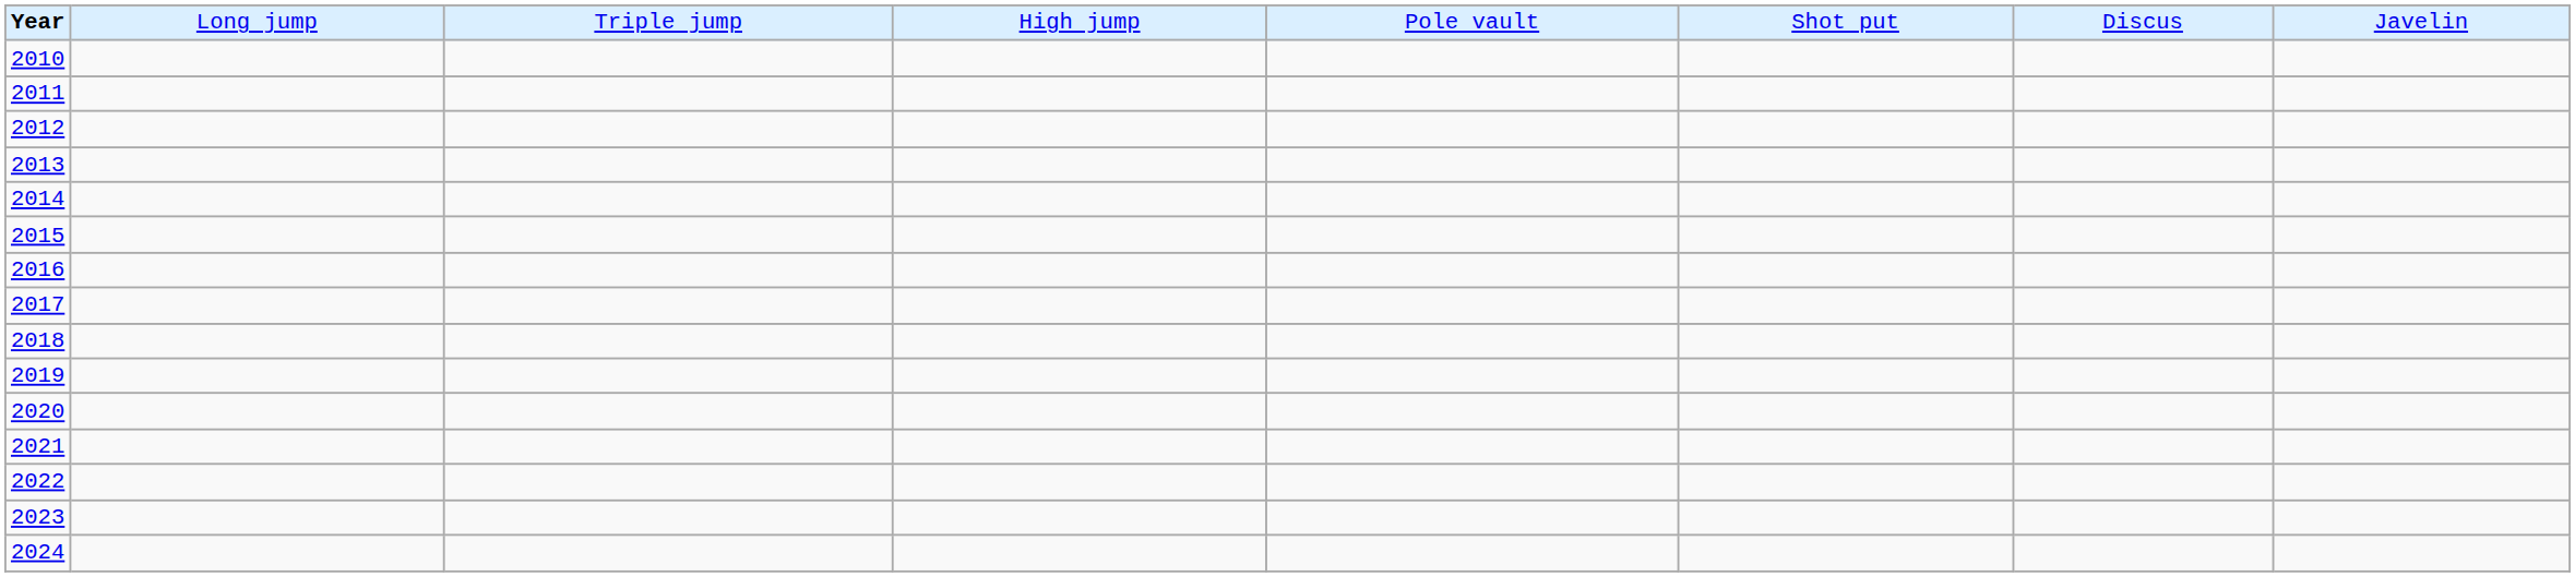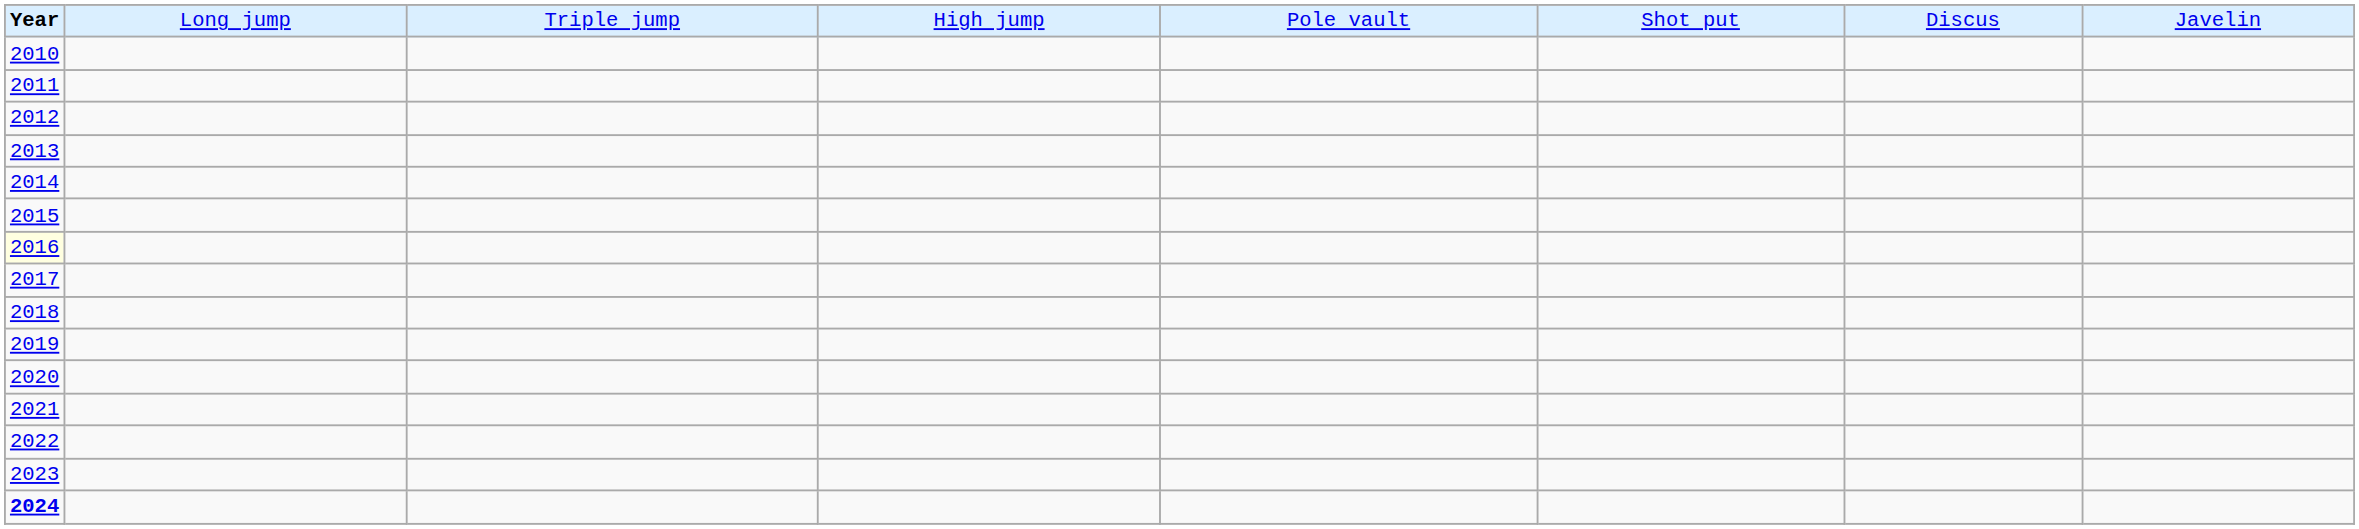 <table class="wikitable" style="font-size:85%; text-align:center;" width="100%">
 <tr style="text-align:center;background-color:#DAEFFF">
 <td width=25px><strong>Year</strong></td>
 <td><a href='#'>Long jump</a></td>
 <td><a href='#'>Triple jump</a></td>
 <td><a href='#'>High jump</a></td>
 <td><a href='#'>Pole vault</a></td>
 <td><a href='#'>Shot put</a></td>
 <td><a href='#'>Discus</a></td>
 <td><a href='#'>Javelin</a></td>
 </tr>
 <tr>
 <td><a href='#'>2010</a></td>
 <td> </td>
 <td></td>
 <td> </td>
 <td> </td>
 <td> </td>
 <td> </td>
 <td> </td>
 </tr>
 <tr>
 <td><a href='#'>2011</a></td>
 <td> </td>
 <td></td>
 <td> </td>
 <td> </td>
 <td> </td>
 <td> </td>
 <td> </td>
 </tr>
 <tr>
 <td><a href='#'>2012</a></td>
 <td></td>
 <td> </td>
 <td></td>
 <td> </td>
 <td> </td>
 <td> </td>
 <td> </td>
 </tr>
 <tr>
 <td><a href='#'>2013</a></td>
 <td></td>
 <td> </td>
 <td></td>
 <td> </td>
 <td> </td>
 <td> </td>
 <td> </td>
 </tr>
 <tr>
 <td><a href='#'>2014</a></td>
 <td> </td>
 <td> </td>
 <td> </td>
 <td> </td>
 <td> </td>
 <td> </td>
 <td> </td>
 </tr>
 <tr>
 <td><a href='#'>2015</a></td>
 <td> </td>
 <td> </td>
 <td> </td>
 <td></td>
 <td></td>
 <td> </td>
 <td> </td>
 </tr>
 <tr>
-<td><a href='#'>2016</a></td>
+<td style="background: lightyellow;"><a href='#'>2016</a></td>
 <td> </td>
 <td> </td>
 <td> </td>
 <td> </td>
 <td> </td>
 <td> </td>
 <td></td>
 </tr>
 <tr>
 <td><a href='#'>2017</a></td>
 <td> </td>
 <td> </td>
 <td> </td>
 <td> </td>
 <td> </td>
 <td> </td>
 <td> </td>
 </tr>
 <tr>
 <td><a href='#'>2018</a></td>
 <td></td>
 <td> </td>
 <td> </td>
 <td> </td>
 <td> </td>
 <td> </td>
 <td></td>
 </tr>
 <tr>
 <td><a href='#'>2019</a></td>
 <td></td>
 <td></td>
 <td> </td>
 <td> </td>
 <td> </td>
 <td> </td>
 <td></td>
 </tr>
 <tr>
 <td><a href='#'>2020</a></td>
 <td></td>
 <td></td>
 <td></td>
 <td></td>
 <td></td>
 <td></td>
 <td></td>
 </tr>
 <tr>
 <td><a href='#'>2021</a></td>
 <td> </td>
 <td> </td>
 <td> </td>
 <td></td>
 <td></td>
 <td> </td>
 <td></td>
 </tr>
 <tr>
 <td><a href='#'>2022</a></td>
 <td> </td>
 <td> </td>
 <td> </td>
 <td> </td>
 <td> </td>
 <td> </td>
 <td></td>
 </tr>
 <tr>
 <td><a href='#'>2023</a></td>
 <td> </td>
 <td> </td>
 <td> </td>
 <td></td>
 <td> </td>
 <td> </td>
 <td> </td>
 </tr>
 <tr>
-<td><a href='#'>2024</a></td>
+<td><strong><a href='#'>2024</a></strong></td>
 <td></td>
 <td></td>
 <td> </td>
 <td> </td>
 <td></td>
 <td> </td>
 <td> </td>
 </tr>
 </table>
